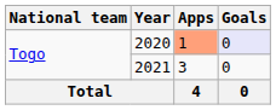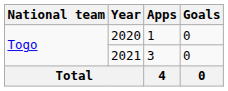 <table class="wikitable">
 <tr>
 <th>National team</th>
 <th>Year</th>
 <th>Apps</th>
 <th>Goals</th>
 </tr>
 <tr>
 <td rowspan="2"><a href='#'>Togo</a></td>
 <td>2020</td>
-<td style="background: lightsalmon;">1</td>
-<td style="background: lavender;">0</td>
+<td>1</td>
+<td>0</td>
 </tr>
 <tr>
 <td>2021</td>
 <td>3</td>
 <td>0</td>
 </tr>
 <tr>
 <th colspan="2">Total</th>
 <th>4</th>
 <th>0</th>
 </tr>
 </table>
